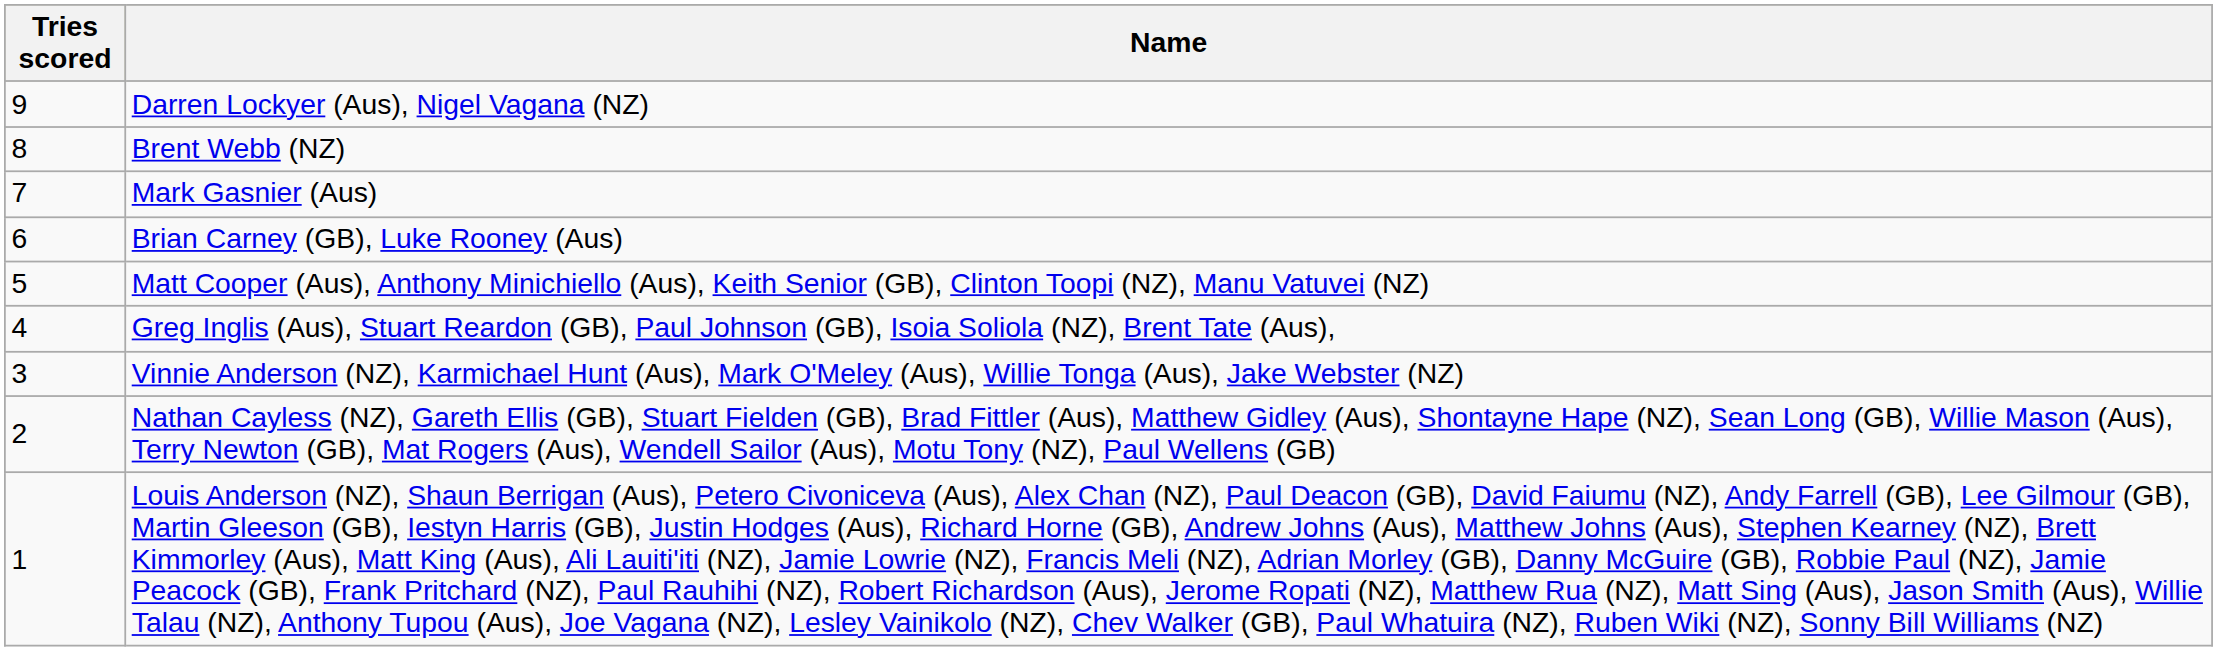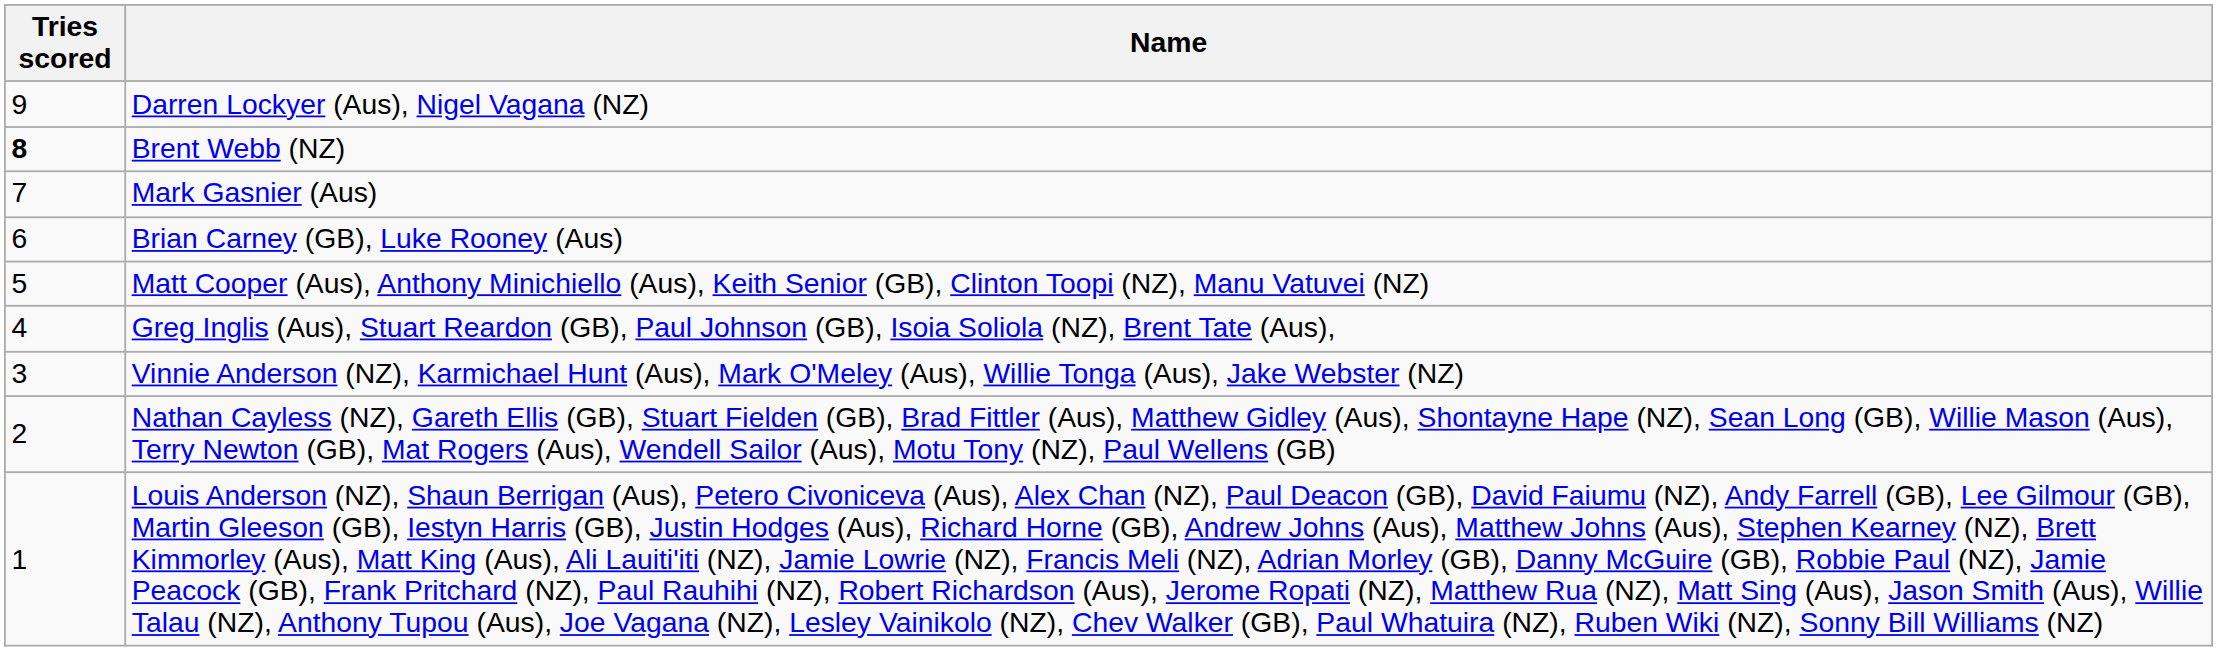 <table class="wikitable">
 <tr style="background:#bdb76b;">
 <th>Tries scored</th>
 <th>Name</th>
 </tr>
 <tr>
 <td>9</td>
 <td><a href='#'>Darren Lockyer</a> (Aus), <a href='#'>Nigel Vagana</a> (NZ)</td>
 </tr>
 <tr>
-<td>8</td>
+<td><strong>8</strong></td>
 <td><a href='#'>Brent Webb</a> (NZ)</td>
 </tr>
 <tr>
 <td>7</td>
 <td><a href='#'>Mark Gasnier</a> (Aus)</td>
 </tr>
 <tr>
 <td>6</td>
 <td><a href='#'>Brian Carney</a> (GB), <a href='#'>Luke Rooney</a> (Aus)</td>
 </tr>
 <tr>
 <td>5</td>
 <td><a href='#'>Matt Cooper</a> (Aus), <a href='#'>Anthony Minichiello</a> (Aus), <a href='#'>Keith Senior</a> (GB), <a href='#'>Clinton Toopi</a> (NZ), <a href='#'>Manu Vatuvei</a> (NZ)</td>
 </tr>
 <tr>
 <td>4</td>
 <td><a href='#'>Greg Inglis</a> (Aus), <a href='#'>Stuart Reardon</a> (GB), <a href='#'>Paul Johnson</a> (GB), <a href='#'>Isoia Soliola</a> (NZ), <a href='#'>Brent Tate</a> (Aus),</td>
 </tr>
 <tr>
 <td>3</td>
 <td><a href='#'>Vinnie Anderson</a> (NZ), <a href='#'>Karmichael Hunt</a> (Aus), <a href='#'>Mark O'Meley</a> (Aus), <a href='#'>Willie Tonga</a> (Aus), <a href='#'>Jake Webster</a> (NZ)</td>
 </tr>
 <tr>
 <td>2</td>
 <td><a href='#'>Nathan Cayless</a> (NZ), <a href='#'>Gareth Ellis</a> (GB), <a href='#'>Stuart Fielden</a> (GB), <a href='#'>Brad Fittler</a> (Aus), <a href='#'>Matthew Gidley</a> (Aus), <a href='#'>Shontayne Hape</a> (NZ), <a href='#'>Sean Long</a> (GB), <a href='#'>Willie Mason</a> (Aus), <a href='#'>Terry Newton</a> (GB), <a href='#'>Mat Rogers</a> (Aus), <a href='#'>Wendell Sailor</a> (Aus), <a href='#'>Motu Tony</a> (NZ), <a href='#'>Paul Wellens</a> (GB)</td>
 </tr>
 <tr>
 <td>1</td>
 <td><a href='#'>Louis Anderson</a> (NZ), <a href='#'>Shaun Berrigan</a> (Aus), <a href='#'>Petero Civoniceva</a> (Aus), <a href='#'>Alex Chan</a> (NZ), <a href='#'>Paul Deacon</a> (GB), <a href='#'>David Faiumu</a> (NZ), <a href='#'>Andy Farrell</a> (GB), <a href='#'>Lee Gilmour</a> (GB), <a href='#'>Martin Gleeson</a> (GB), <a href='#'>Iestyn Harris</a> (GB), <a href='#'>Justin Hodges</a> (Aus), <a href='#'>Richard Horne</a> (GB), <a href='#'>Andrew Johns</a> (Aus), <a href='#'>Matthew Johns</a> (Aus), <a href='#'>Stephen Kearney</a> (NZ), <a href='#'>Brett Kimmorley</a> (Aus), <a href='#'>Matt King</a> (Aus), <a href='#'>Ali Lauiti'iti</a> (NZ), <a href='#'>Jamie Lowrie</a> (NZ), <a href='#'>Francis Meli</a> (NZ), <a href='#'>Adrian Morley</a> (GB), <a href='#'>Danny McGuire</a> (GB), <a href='#'>Robbie Paul</a> (NZ), <a href='#'>Jamie Peacock</a> (GB), <a href='#'>Frank Pritchard</a> (NZ), <a href='#'>Paul Rauhihi</a> (NZ), <a href='#'>Robert Richardson</a> (Aus), <a href='#'>Jerome Ropati</a> (NZ), <a href='#'>Matthew Rua</a> (NZ), <a href='#'>Matt Sing</a> (Aus), <a href='#'>Jason Smith</a> (Aus), <a href='#'>Willie Talau</a> (NZ), <a href='#'>Anthony Tupou</a> (Aus), <a href='#'>Joe Vagana</a> (NZ), <a href='#'>Lesley Vainikolo</a> (NZ), <a href='#'>Chev Walker</a> (GB), <a href='#'>Paul Whatuira</a> (NZ), <a href='#'>Ruben Wiki</a> (NZ), <a href='#'>Sonny Bill Williams</a> (NZ)</td>
 </tr>
 </table>
